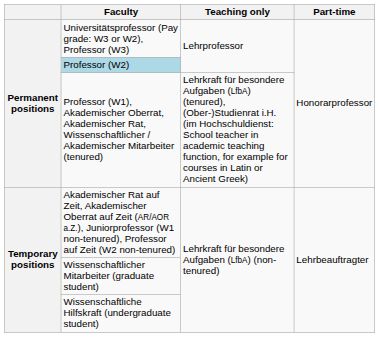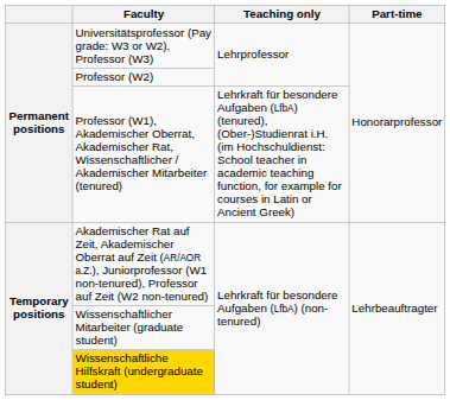 <table class="wikitable">
 <tr>
 <th></th>
 <th>Faculty</th>
 <th>Teaching only</th>
 <th>Part-time</th>
 </tr>
 <tr>
 <th rowspan=3>Permanent positions</th>
 <td>Universitätsprofessor (Pay grade: W3 or W2), Professor (W3)</td>
 <td rowspan=2>Lehrprofessor</td>
 <td rowspan=3>Honorarprofessor</td>
 </tr>
 <tr>
-<td style="background: lightblue;">Professor (W2)</td>
+<td>Professor (W2)</td>
 </tr>
 <tr>
 <td>Professor (W1), Akademischer Oberrat, Akademischer Rat, Wissenschaftlicher / Akademischer Mitarbeiter (tenured)</td>
 <td>Lehrkraft für besondere Aufgaben (<small>LfbA</small>) (tenured), (Ober-)Studienrat i.H. (im Hochschuldienst: School teacher in academic teaching function, for example for courses in Latin or Ancient Greek)</td>
 </tr>
 <tr>
 <th rowspan=3>Temporary positions</th>
 <td>Akademischer Rat auf Zeit, Akademischer Oberrat auf Zeit (<small>AR/AOR a.Z.</small>), Juniorprofessor (W1 non-tenured), Professor auf Zeit (W2 non-tenured)</td>
 <td rowspan=3>Lehrkraft für besondere Aufgaben (<small>LfbA</small>) (non-tenured)</td>
 <td rowspan=3 colspan=2>Lehrbeauftragter</td>
 </tr>
 <tr>
 <td>Wissenschaftlicher Mitarbeiter (graduate student)</td>
 </tr>
 <tr>
-<td>Wissenschaftliche Hilfskraft (undergraduate student)</td>
+<td style="background: gold;">Wissenschaftliche Hilfskraft (undergraduate student)</td>
 </tr>
 </table>
